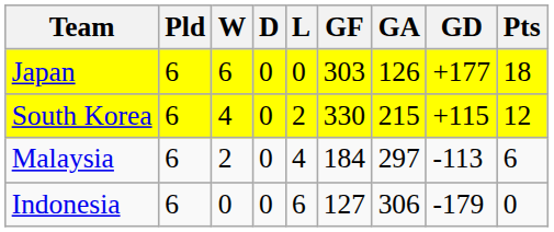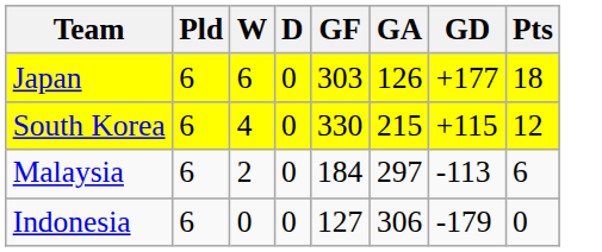 <table class="wikitable" border="1">
 <tr>
 <th>Team</th>
 <th>Pld</th>
 <th>W</th>
 <th>D</th>
-<th>L</th>
 <th>GF</th>
 <th>GA</th>
 <th>GD</th>
 <th>Pts</th>
 </tr>
 <tr style="background:#ffff00">
 <td> <a href='#'>Japan</a></td>
 <td>6</td>
 <td>6</td>
-<td>0</td>
 <td>0</td>
 <td>303</td>
 <td>126</td>
 <td>+177</td>
 <td>18</td>
 </tr>
 <tr style="background:#ffff00">
 <td> <a href='#'>South Korea</a></td>
 <td>6</td>
 <td>4</td>
 <td>0</td>
-<td>2</td>
 <td>330</td>
 <td>215</td>
 <td>+115</td>
 <td>12</td>
 </tr>
 <tr>
 <td> <a href='#'>Malaysia</a></td>
 <td>6</td>
 <td>2</td>
 <td>0</td>
-<td>4</td>
 <td>184</td>
 <td>297</td>
 <td>-113</td>
 <td>6</td>
 </tr>
 <tr>
 <td> <a href='#'>Indonesia</a></td>
 <td>6</td>
 <td>0</td>
 <td>0</td>
-<td>6</td>
 <td>127</td>
 <td>306</td>
 <td>-179</td>
 <td>0</td>
 </tr>
 </table>
